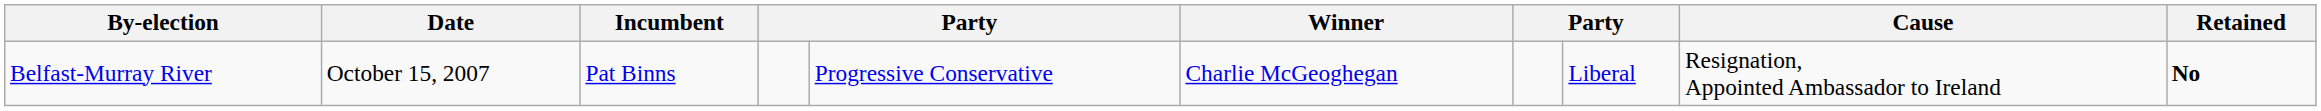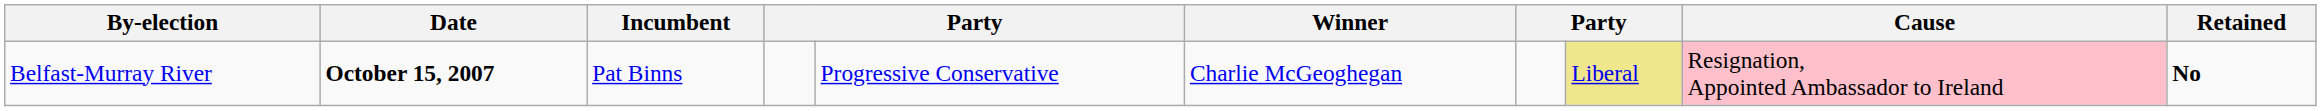 <table class=wikitable style="width:100%">
 <tr>
 <th>By-election</th>
 <th>Date</th>
 <th>Incumbent</th>
 <th colspan=2>Party</th>
 <th>Winner</th>
 <th colspan=2>Party</th>
 <th>Cause</th>
 <th>Retained</th>
 </tr>
 <tr>
 <td><a href='#'>Belfast-Murray River</a></td>
-<td>October 15, 2007</td>
+<td><strong>October 15, 2007</strong></td>
 <td><a href='#'>Pat Binns</a></td>
 <td>    </td>
 <td><a href='#'>Progressive Conservative</a></td>
 <td><a href='#'>Charlie McGeoghegan</a></td>
 <td>    </td>
-<td><a href='#'>Liberal</a></td>
-<td>Resignation, <br> Appointed Ambassador to Ireland</td>
+<td style="background: khaki;"><a href='#'>Liberal</a></td>
+<td style="background: pink;">Resignation, <br> Appointed Ambassador to Ireland</td>
 <td><strong>No</strong></td>
 </tr>
 </table>
